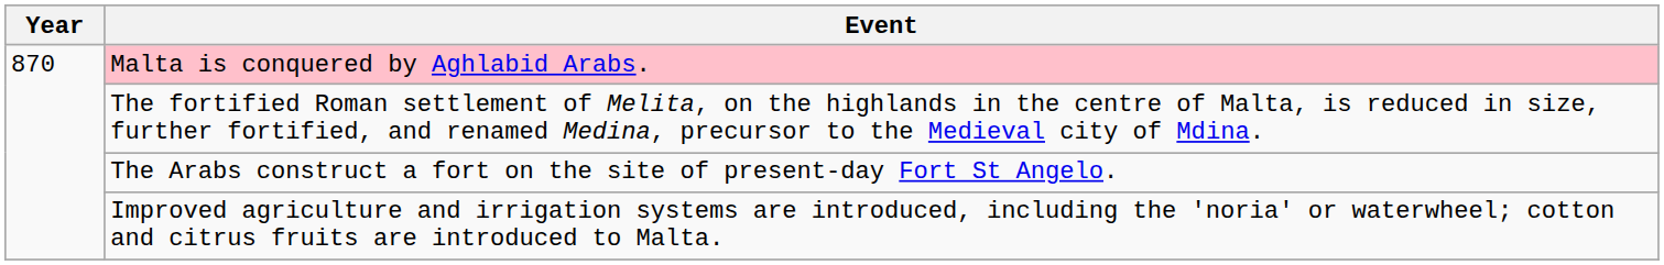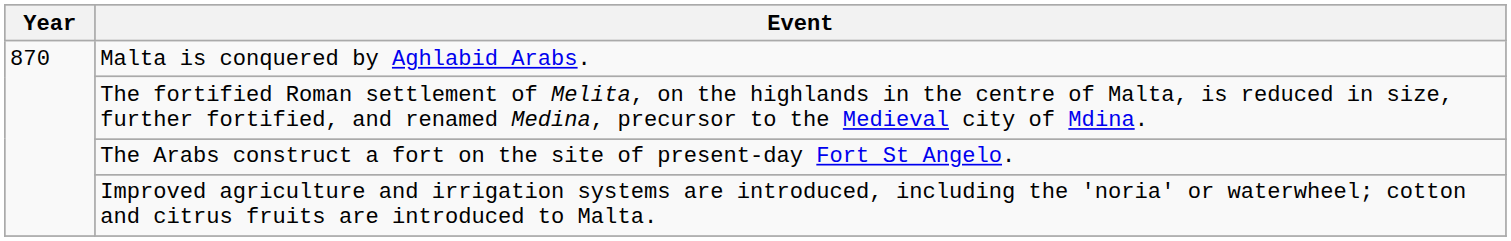 <table class="wikitable" width="100%">
 <tr>
 <th style="width:6%">Year</th>
 <th>Event</th>
 </tr>
 <tr>
 <td rowspan="4" valign="top">870</td>
-<td style="background: pink;">Malta is conquered by <a href='#'>Aghlabid Arabs</a>.</td>
+<td>Malta is conquered by <a href='#'>Aghlabid Arabs</a>.</td>
 </tr>
 <tr>
 <td>The fortified Roman settlement of <em>Melita</em>, on the highlands in the centre of Malta, is reduced in size, further fortified, and renamed <em>Medina</em>, precursor to the <a href='#'>Medieval</a> city of <a href='#'>Mdina</a>.</td>
 </tr>
 <tr>
 <td>The Arabs construct a fort on the site of present-day <a href='#'>Fort St Angelo</a>.</td>
 </tr>
 <tr>
 <td>Improved agriculture and irrigation systems are introduced, including the 'noria' or waterwheel; cotton and citrus fruits are introduced to Malta.</td>
 </tr>
 </table>
